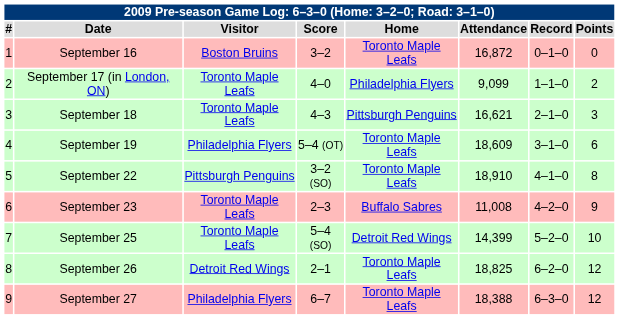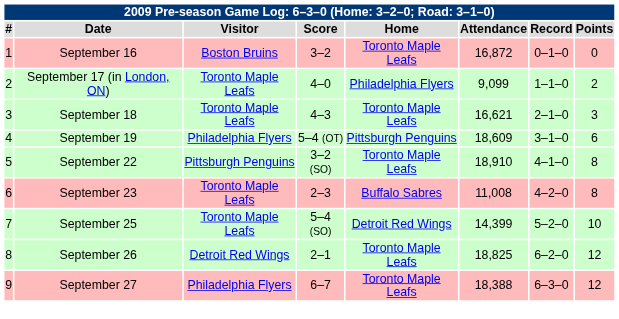 <table class="toccolours collapsible collapsed" width=90% style="clear:both; margin:1.5em auto; text-align:center">
 <tr>
 <th colspan=11 style="background:#003876; color:white;”">2009 Pre-season Game Log: 6–3–0 (Home: 3–2–0; Road: 3–1–0)</th>
 </tr>
 <tr align="center" bgcolor="#dddddd">
 <td><strong>#</strong></td>
 <td><strong>Date</strong></td>
 <td><strong>Visitor</strong></td>
 <td><strong>Score</strong></td>
 <td><strong>Home</strong></td>
 <td><strong>Attendance</strong></td>
 <td><strong>Record</strong></td>
 <td><strong>Points</strong></td>
 </tr>
 <tr align="center" bgcolor="#ffbbbb">
 <td>1</td>
 <td>September 16</td>
 <td><a href='#'>Boston Bruins</a></td>
 <td>3–2</td>
 <td><a href='#'>Toronto Maple Leafs</a></td>
 <td>16,872</td>
 <td>0–1–0</td>
 <td>0</td>
 </tr>
 <tr align="center" bgcolor="#ccffcc">
 <td>2</td>
 <td>September 17 (in <a href='#'>London, ON</a>)</td>
 <td><a href='#'>Toronto Maple Leafs</a></td>
 <td>4–0</td>
 <td><a href='#'>Philadelphia Flyers</a></td>
 <td>9,099</td>
 <td>1–1–0</td>
 <td>2</td>
 </tr>
 <tr align="center" bgcolor="#ccffcc">
 <td>3</td>
 <td>September 18</td>
 <td><a href='#'>Toronto Maple Leafs</a></td>
 <td>4–3</td>
-<td><a href='#'>Pittsburgh Penguins</a></td>
+<td><a href='#'>Toronto Maple Leafs</a></td>
 <td>16,621</td>
 <td>2–1–0</td>
 <td>3</td>
 </tr>
 <tr align="center" bgcolor="#ccffcc">
 <td>4</td>
 <td>September 19</td>
 <td><a href='#'>Philadelphia Flyers</a></td>
 <td>5–4 <small>(OT)</small></td>
-<td><a href='#'>Toronto Maple Leafs</a></td>
+<td><a href='#'>Pittsburgh Penguins</a></td>
 <td>18,609</td>
 <td>3–1–0</td>
 <td>6</td>
 </tr>
 <tr align="center" bgcolor="#ccffcc">
 <td>5</td>
 <td>September 22</td>
 <td><a href='#'>Pittsburgh Penguins</a></td>
 <td>3–2 <small>(SO)</small></td>
 <td><a href='#'>Toronto Maple Leafs</a></td>
 <td>18,910</td>
 <td>4–1–0</td>
 <td>8</td>
 </tr>
 <tr align="center" bgcolor="#ffbbbb">
 <td>6</td>
 <td>September 23</td>
 <td><a href='#'>Toronto Maple Leafs</a></td>
 <td>2–3</td>
 <td><a href='#'>Buffalo Sabres</a></td>
 <td>11,008</td>
 <td>4–2–0</td>
-<td>9</td>
+<td>8</td>
 </tr>
 <tr align="center" bgcolor="#ccffcc">
 <td>7</td>
 <td>September 25</td>
 <td><a href='#'>Toronto Maple Leafs</a></td>
 <td>5–4 <small>(SO)</small></td>
 <td><a href='#'>Detroit Red Wings</a></td>
 <td>14,399</td>
 <td>5–2–0</td>
 <td>10</td>
 </tr>
 <tr align="center" bgcolor="#ccffcc">
 <td>8</td>
 <td>September 26</td>
 <td><a href='#'>Detroit Red Wings</a></td>
 <td>2–1</td>
 <td><a href='#'>Toronto Maple Leafs</a></td>
 <td>18,825</td>
 <td>6–2–0</td>
 <td>12</td>
 </tr>
 <tr align="center" bgcolor="#ffbbbb">
 <td>9</td>
 <td>September 27</td>
 <td><a href='#'>Philadelphia Flyers</a></td>
 <td>6–7</td>
 <td><a href='#'>Toronto Maple Leafs</a></td>
 <td>18,388</td>
 <td>6–3–0</td>
 <td>12</td>
 </tr>
 </table>
